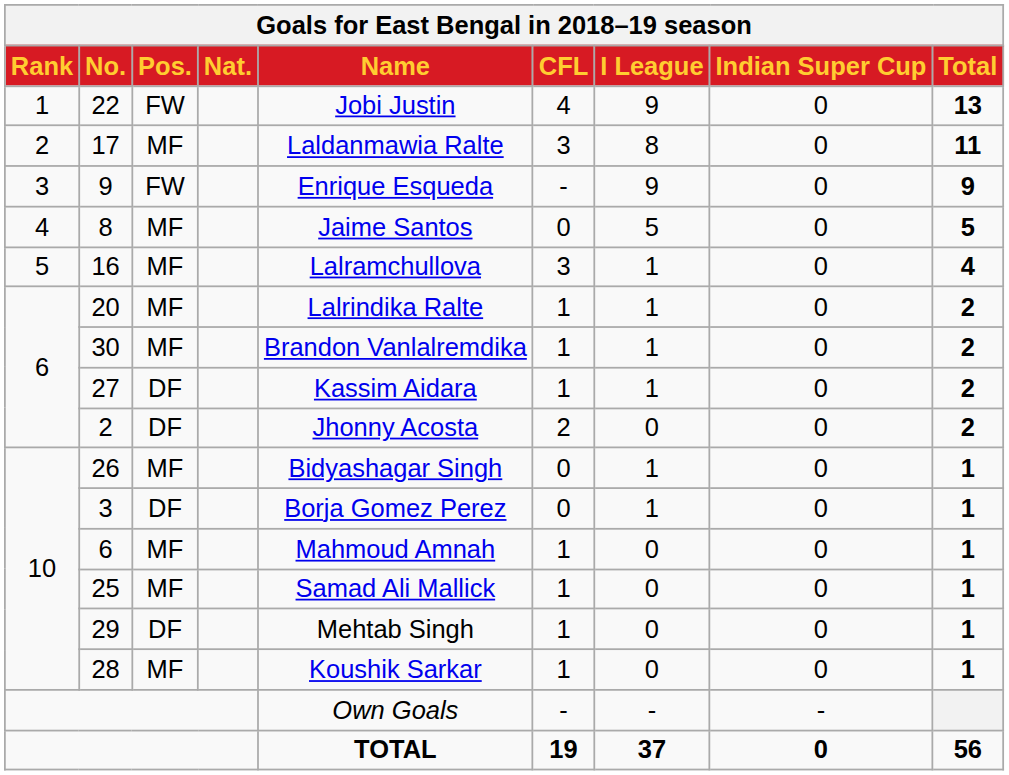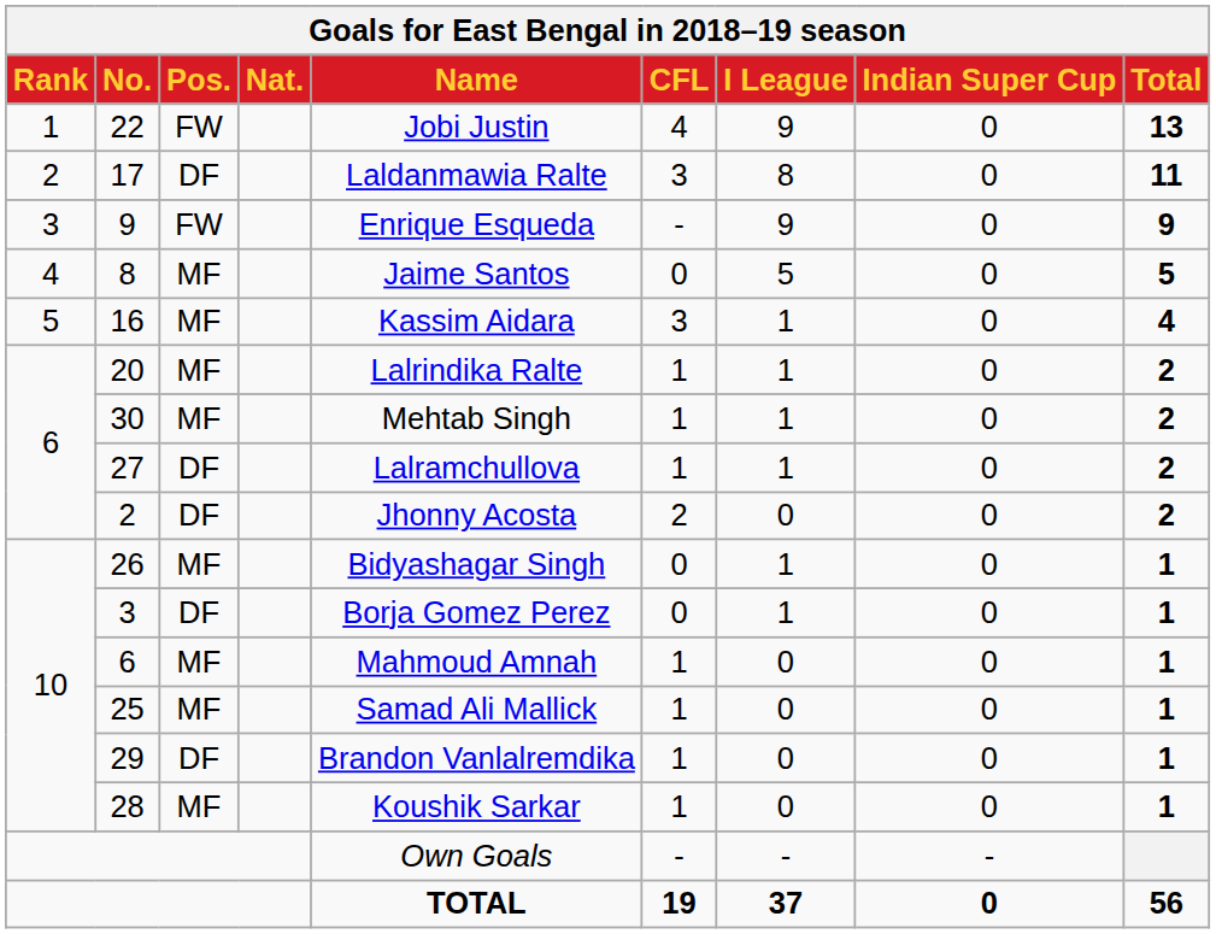 <table class="wikitable" style="text-align:center; font-size:90%;">
 <tr>
 <th colspan="9">Goals for East Bengal in 2018–19 season</th>
 </tr>
 <tr>
 <th style="background:#d71a23; color:#ffcd31; text-align:center;">Rank</th>
 <th style="background:#d71a23; color:#ffcd31; text-align:center;">No.</th>
 <th style="background:#d71a23; color:#ffcd31; text-align:center;">Pos.</th>
 <th style="background:#d71a23; color:#ffcd31; text-align:center;">Nat.</th>
 <th style="background:#d71a23; color:#ffcd31; text-align:center;">Name</th>
 <th style="background:#d71a23; color:#ffcd31; text-align:center;">CFL</th>
 <th style="background:#d71a23; color:#ffcd31; text-align:center;">I League</th>
 <th style="background:#d71a23; color:#ffcd31; text-align:center;">Indian Super Cup</th>
 <th style="background:#d71a23; color:#ffcd31; text-align:center;">Total</th>
 </tr>
 <tr>
 <td rowspan="1">1</td>
 <td>22</td>
 <td>FW</td>
 <td></td>
 <td><a href='#'>Jobi Justin</a></td>
 <td>4</td>
 <td>9</td>
 <td>0</td>
 <td><strong>13</strong></td>
 </tr>
 <tr>
 <td>2</td>
 <td>17</td>
-<td>MF</td>
+<td>DF</td>
 <td></td>
 <td><a href='#'>Laldanmawia Ralte</a></td>
 <td>3</td>
 <td>8</td>
 <td>0</td>
 <td><strong>11</strong></td>
 </tr>
 <tr>
 <td>3</td>
 <td>9</td>
 <td>FW</td>
 <td></td>
 <td><a href='#'>Enrique Esqueda</a></td>
 <td>-</td>
 <td>9</td>
 <td>0</td>
 <td><strong>9</strong></td>
 </tr>
 <tr>
 <td>4</td>
 <td>8</td>
 <td>MF</td>
 <td></td>
 <td><a href='#'>Jaime Santos</a></td>
 <td>0</td>
 <td>5</td>
 <td>0</td>
 <td><strong>5</strong></td>
 </tr>
 <tr>
 <td>5</td>
 <td>16</td>
 <td>MF</td>
 <td></td>
-<td><a href='#'>Lalramchullova</a></td>
+<td><a href='#'>Kassim Aidara</a></td>
 <td>3</td>
 <td>1</td>
 <td>0</td>
 <td><strong>4</strong></td>
 </tr>
 <tr>
 <td rowspan="4">6</td>
 <td>20</td>
 <td>MF</td>
 <td></td>
 <td><a href='#'>Lalrindika Ralte</a></td>
 <td>1</td>
 <td>1</td>
 <td>0</td>
 <td><strong>2</strong></td>
 </tr>
 <tr>
 <td>30</td>
 <td>MF</td>
 <td></td>
-<td><a href='#'>Brandon Vanlalremdika</a></td>
+<td>Mehtab Singh</td>
 <td>1</td>
 <td>1</td>
 <td>0</td>
 <td><strong>2</strong></td>
 </tr>
 <tr>
 <td>27</td>
 <td>DF</td>
 <td></td>
-<td><a href='#'>Kassim Aidara</a></td>
+<td><a href='#'>Lalramchullova</a></td>
 <td>1</td>
 <td>1</td>
 <td>0</td>
 <td><strong>2</strong></td>
 </tr>
 <tr>
 <td>2</td>
 <td>DF</td>
 <td></td>
 <td><a href='#'>Jhonny Acosta</a></td>
 <td>2</td>
 <td>0</td>
 <td>0</td>
 <td><strong>2</strong></td>
 </tr>
 <tr>
 <td rowspan="6">10</td>
 <td>26</td>
 <td>MF</td>
 <td></td>
 <td><a href='#'>Bidyashagar Singh</a></td>
 <td>0</td>
 <td>1</td>
 <td>0</td>
 <td><strong>1</strong></td>
 </tr>
 <tr>
 <td>3</td>
 <td>DF</td>
 <td></td>
 <td><a href='#'>Borja Gomez Perez</a></td>
 <td>0</td>
 <td>1</td>
 <td>0</td>
 <td><strong>1</strong></td>
 </tr>
 <tr>
 <td>6</td>
 <td>MF</td>
 <td></td>
 <td><a href='#'>Mahmoud Amnah</a></td>
 <td>1</td>
 <td>0</td>
 <td>0</td>
 <td><strong>1</strong></td>
 </tr>
 <tr>
 <td>25</td>
 <td>MF</td>
 <td></td>
 <td><a href='#'>Samad Ali Mallick</a></td>
 <td>1</td>
 <td>0</td>
 <td>0</td>
 <td><strong>1</strong></td>
 </tr>
 <tr>
 <td>29</td>
 <td>DF</td>
 <td></td>
-<td>Mehtab Singh</td>
+<td><a href='#'>Brandon Vanlalremdika</a></td>
 <td>1</td>
 <td>0</td>
 <td>0</td>
 <td><strong>1</strong></td>
 </tr>
 <tr>
 <td>28</td>
 <td>MF</td>
 <td></td>
 <td><a href='#'>Koushik Sarkar</a></td>
 <td>1</td>
 <td>0</td>
 <td>0</td>
 <td><strong>1</strong></td>
 </tr>
 <tr>
 <td colspan="4"></td>
 <td><em>Own Goals</em></td>
 <td>-</td>
 <td>-</td>
 <td>-</td>
 <th scope="col"></th>
 </tr>
 <tr>
 <td colspan="4"></td>
 <td><strong>TOTAL</strong></td>
 <td><strong>19</strong></td>
 <td><strong>37</strong></td>
 <td><strong>0</strong></td>
 <td><strong>56</strong></td>
 </tr>
 </table>
